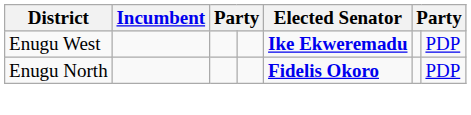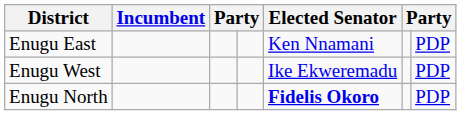 <table class="sortable wikitable" style="font-size:95%;line-height:14px;">
 <tr>
 <th class="unsortable">District</th>
 <th class="unsortable"><a href='#'>Incumbent</a></th>
 <th colspan="2">Party</th>
 <th class="unsortable">Elected Senator</th>
 <th colspan="2">Party</th>
 </tr>
 <tr>
+<td>Enugu East</td>
+<td></td>
+<td></td>
+<td></td>
+<td><a href='#'>Ken Nnamani</a></td>
+<td style="background:"></td>
+<td><a href='#'>PDP</a></td>
+</tr>
+<tr>
 <td>Enugu West</td>
 <td></td>
 <td></td>
 <td></td>
-<td><strong><a href='#'>Ike Ekweremadu</a></strong></td>
+<td><a href='#'>Ike Ekweremadu</a></td>
 <td style="background:"></td>
 <td><a href='#'>PDP</a></td>
 </tr>
 <tr>
 <td>Enugu North</td>
 <td></td>
 <td></td>
 <td></td>
 <td><strong><a href='#'>Fidelis Okoro</a></strong></td>
 <td style="background:"></td>
 <td><a href='#'>PDP</a></td>
 </tr>
 </table>
